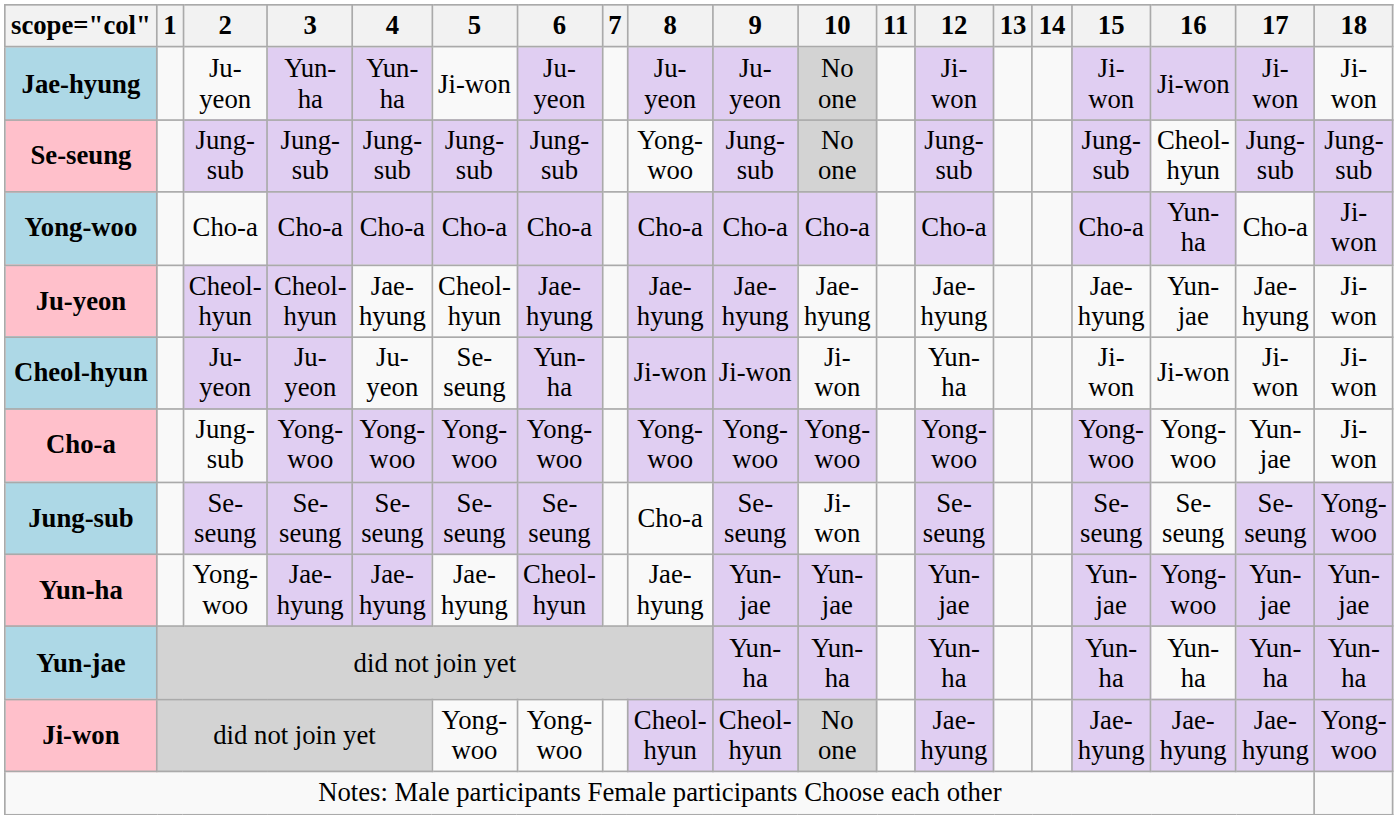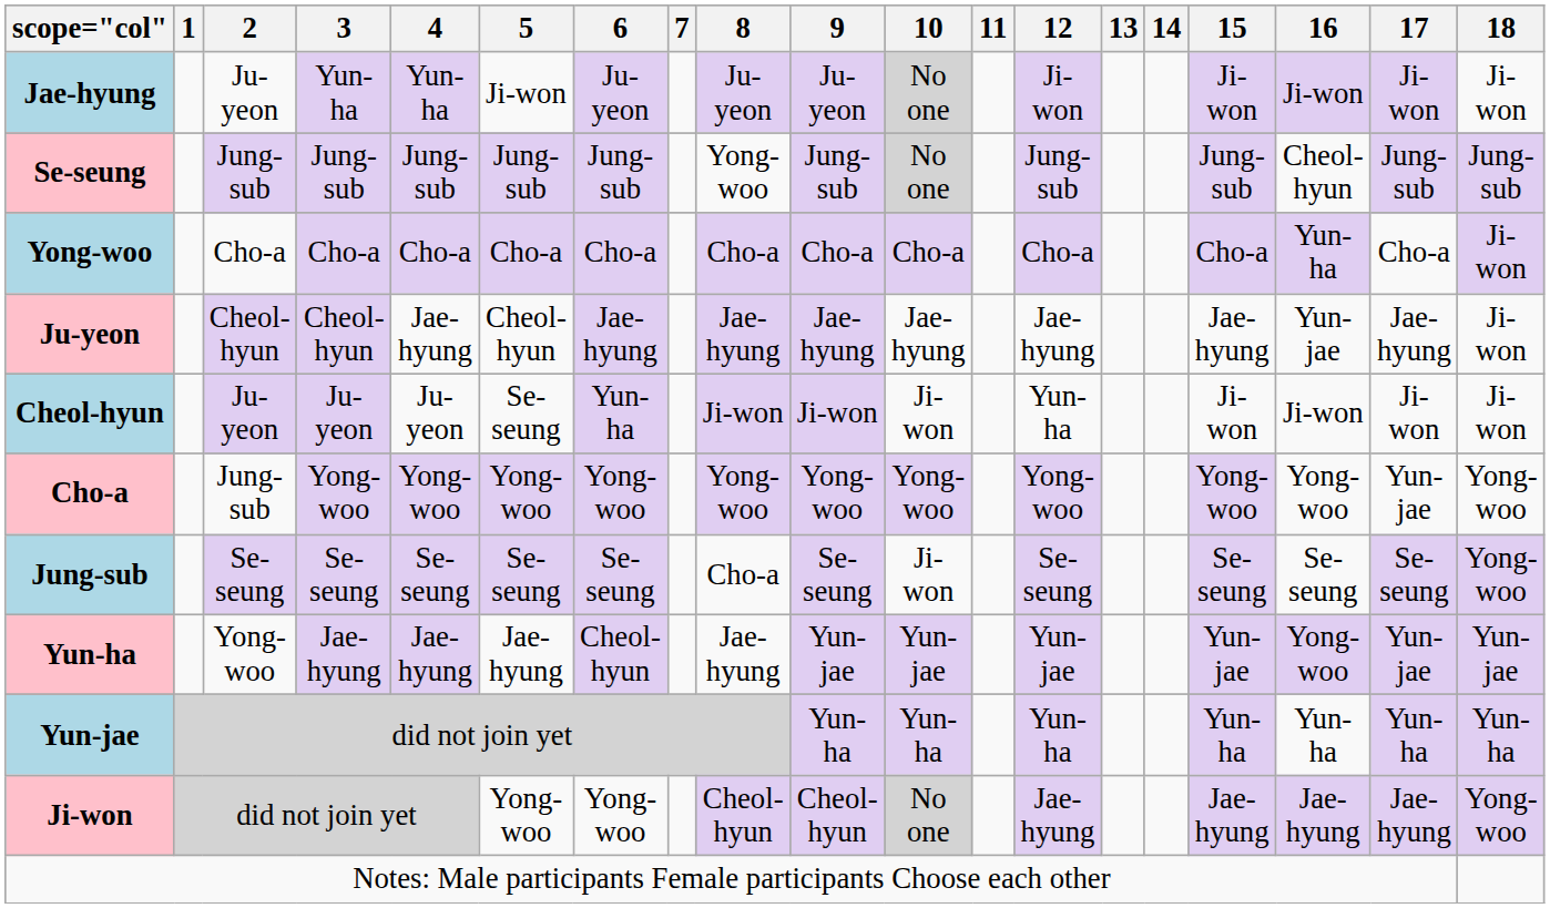 <table class="wikitable" style="text-align:center">
 <tr>
 <th>scope="col" </th>
 <th scope="col">1</th>
 <th scope="col">2</th>
 <th scope="col">3</th>
 <th scope="col">4</th>
 <th scope="col">5</th>
 <th scope="col">6</th>
 <th scope="col">7</th>
 <th scope="col">8</th>
 <th scope="col">9</th>
 <th scope="col">10</th>
 <th scope="col">11</th>
 <th scope="col">12</th>
 <th scope="col">13</th>
 <th scope="col">14</th>
 <th scope="col">15</th>
 <th scope="col">16</th>
 <th scope="col">17</th>
 <th scope="col">18</th>
 </tr>
 <tr>
 <th scope="row" style="background-color:lightblue">Jae-hyung</th>
 <td></td>
 <td>Ju-yeon</td>
 <td style="background-color:#E0CEF2">Yun-ha</td>
 <td style="background-color:#E0CEF2">Yun-ha</td>
 <td>Ji-won</td>
 <td style="background-color:#E0CEF2">Ju-yeon</td>
 <td></td>
 <td style="background-color:#E0CEF2">Ju-yeon</td>
 <td style="background-color:#E0CEF2">Ju-yeon</td>
 <td style="background-color:lightgrey">No one</td>
 <td></td>
 <td style="background-color:#E0CEF2">Ji-won</td>
 <td></td>
 <td></td>
 <td style="background-color:#E0CEF2">Ji-won</td>
 <td style="background-color:#E0CEF2">Ji-won</td>
 <td style="background-color:#E0CEF2">Ji-won</td>
 <td>Ji-won</td>
 </tr>
 <tr>
 <th scope="row" style="background-color:pink">Se-seung</th>
 <td></td>
 <td style="background-color:#E0CEF2">Jung-sub</td>
 <td style="background-color:#E0CEF2">Jung-sub</td>
 <td style="background-color:#E0CEF2">Jung-sub</td>
 <td style="background-color:#E0CEF2">Jung-sub</td>
 <td style="background-color:#E0CEF2">Jung-sub</td>
 <td></td>
 <td>Yong-woo</td>
 <td style="background-color:#E0CEF2">Jung-sub</td>
 <td style="background-color:lightgrey">No one</td>
 <td></td>
 <td style="background-color:#E0CEF2">Jung-sub</td>
 <td></td>
 <td></td>
 <td style="background-color:#E0CEF2">Jung-sub</td>
 <td>Cheol-hyun</td>
 <td style="background-color:#E0CEF2">Jung-sub</td>
 <td style="background-color:#E0CEF2">Jung-sub</td>
 </tr>
 <tr>
 <th scope="row" style="background-color:lightblue">Yong-woo</th>
 <td></td>
 <td>Cho-a</td>
 <td style="background-color:#E0CEF2">Cho-a</td>
 <td style="background-color:#E0CEF2">Cho-a</td>
 <td style="background-color:#E0CEF2">Cho-a</td>
 <td style="background-color:#E0CEF2">Cho-a</td>
 <td></td>
 <td style="background-color:#E0CEF2">Cho-a</td>
 <td style="background-color:#E0CEF2">Cho-a</td>
 <td style="background-color:#E0CEF2">Cho-a</td>
 <td></td>
 <td style="background-color:#E0CEF2">Cho-a</td>
 <td></td>
 <td></td>
 <td style="background-color:#E0CEF2">Cho-a</td>
 <td style="background-color:#E0CEF2">Yun-ha</td>
 <td>Cho-a</td>
 <td style="background-color:#E0CEF2">Ji-won</td>
 </tr>
 <tr>
 <th scope="row" style="background-color:pink">Ju-yeon</th>
 <td></td>
 <td style="background-color:#E0CEF2">Cheol-hyun</td>
 <td style="background-color:#E0CEF2">Cheol-hyun</td>
 <td>Jae-hyung</td>
 <td>Cheol-hyun</td>
 <td style="background-color:#E0CEF2">Jae-hyung</td>
 <td></td>
 <td style="background-color:#E0CEF2">Jae-hyung</td>
 <td style="background-color:#E0CEF2">Jae-hyung</td>
 <td>Jae-hyung</td>
 <td></td>
 <td>Jae-hyung</td>
 <td></td>
 <td></td>
 <td>Jae-hyung</td>
 <td>Yun-jae</td>
 <td>Jae-hyung</td>
 <td>Ji-won</td>
 </tr>
 <tr>
 <th scope="row" style="background-color:lightblue">Cheol-hyun</th>
 <td></td>
 <td style="background-color:#E0CEF2">Ju-yeon</td>
 <td style="background-color:#E0CEF2">Ju-yeon</td>
 <td>Ju-yeon</td>
 <td>Se-seung</td>
 <td style="background-color:#E0CEF2">Yun-ha</td>
 <td></td>
 <td style="background-color:#E0CEF2">Ji-won</td>
 <td style="background-color:#E0CEF2">Ji-won</td>
 <td>Ji-won</td>
 <td></td>
 <td>Yun-ha</td>
 <td></td>
 <td></td>
 <td>Ji-won</td>
 <td>Ji-won</td>
 <td>Ji-won</td>
 <td>Ji-won</td>
 </tr>
 <tr>
 <th scope="row" style="background-color:pink">Cho-a</th>
 <td></td>
 <td>Jung-sub</td>
 <td style="background-color:#E0CEF2">Yong-woo</td>
 <td style="background-color:#E0CEF2">Yong-woo</td>
 <td style="background-color:#E0CEF2">Yong-woo</td>
 <td style="background-color:#E0CEF2">Yong-woo</td>
 <td></td>
 <td style="background-color:#E0CEF2">Yong-woo</td>
 <td style="background-color:#E0CEF2">Yong-woo</td>
 <td style="background-color:#E0CEF2">Yong-woo</td>
 <td></td>
 <td style="background-color:#E0CEF2">Yong-woo</td>
 <td></td>
 <td></td>
 <td style="background-color:#E0CEF2">Yong-woo</td>
 <td>Yong-woo</td>
 <td>Yun-jae</td>
-<td>Ji-won</td>
+<td>Yong-woo</td>
 </tr>
 <tr>
 <th scope="row" style="background-color:lightblue">Jung-sub</th>
 <td></td>
 <td style="background-color:#E0CEF2">Se-seung</td>
 <td style="background-color:#E0CEF2">Se-seung</td>
 <td style="background-color:#E0CEF2">Se-seung</td>
 <td style="background-color:#E0CEF2">Se-seung</td>
 <td style="background-color:#E0CEF2">Se-seung</td>
 <td></td>
 <td>Cho-a</td>
 <td style="background-color:#E0CEF2">Se-seung</td>
 <td>Ji-won</td>
 <td></td>
 <td style="background-color:#E0CEF2">Se-seung</td>
 <td></td>
 <td></td>
 <td style="background-color:#E0CEF2">Se-seung</td>
 <td>Se-seung</td>
 <td style="background-color:#E0CEF2">Se-seung</td>
 <td style="background-color:#E0CEF2">Yong-woo</td>
 </tr>
 <tr>
 <th scope="row" style="background-color:pink">Yun-ha</th>
 <td></td>
 <td>Yong-woo</td>
 <td style="background-color:#E0CEF2">Jae-hyung</td>
 <td style="background-color:#E0CEF2">Jae-hyung</td>
 <td>Jae-hyung</td>
 <td style="background-color:#E0CEF2">Cheol-hyun</td>
 <td></td>
 <td>Jae-hyung</td>
 <td style="background-color:#E0CEF2">Yun-jae</td>
 <td style="background-color:#E0CEF2">Yun-jae</td>
 <td></td>
 <td style="background-color:#E0CEF2">Yun-jae</td>
 <td></td>
 <td></td>
 <td style="background-color:#E0CEF2">Yun-jae</td>
 <td style="background-color:#E0CEF2">Yong-woo</td>
 <td style="background-color:#E0CEF2">Yun-jae</td>
 <td style="background-color:#E0CEF2">Yun-jae</td>
 </tr>
 <tr>
 <th scope="row" style="background-color:lightblue">Yun-jae</th>
 <td colspan="8" style="background-color:lightgrey">did not join yet</td>
 <td style="background-color:#E0CEF2">Yun-ha</td>
 <td style="background-color:#E0CEF2">Yun-ha</td>
 <td></td>
 <td style="background-color:#E0CEF2">Yun-ha</td>
 <td></td>
 <td></td>
 <td style="background-color:#E0CEF2">Yun-ha</td>
 <td>Yun-ha</td>
 <td style="background-color:#E0CEF2">Yun-ha</td>
 <td style="background-color:#E0CEF2">Yun-ha</td>
 </tr>
 <tr>
 <th scope="row" style="background-color:pink">Ji-won</th>
 <td colspan="4" style="background-color:lightgrey">did not join yet</td>
 <td>Yong-woo</td>
 <td>Yong-woo</td>
 <td></td>
 <td style="background-color:#E0CEF2">Cheol-hyun</td>
 <td style="background-color:#E0CEF2">Cheol-hyun</td>
 <td style="background-color:lightgrey">No one</td>
 <td></td>
 <td style="background-color:#E0CEF2">Jae-hyung</td>
 <td></td>
 <td></td>
 <td style="background-color:#E0CEF2">Jae-hyung</td>
 <td style="background-color:#E0CEF2">Jae-hyung</td>
 <td style="background-color:#E0CEF2">Jae-hyung</td>
 <td style="background-color:#E0CEF2">Yong-woo</td>
 </tr>
 <tr>
 <td colspan="18">Notes:  Male participants  Female participants  Choose each other</td>
 </tr>
 </table>
